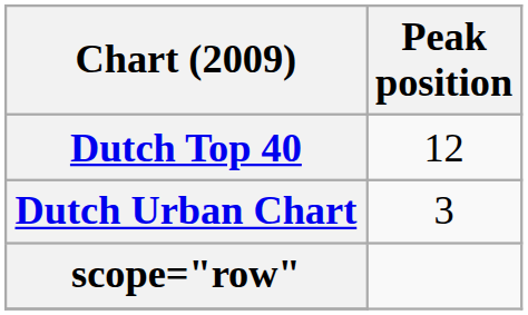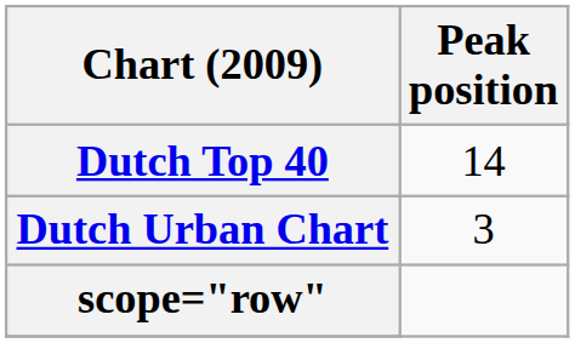 <table class="wikitable sortable plainrowheaders">
 <tr>
 <th scope="col">Chart (2009)</th>
 <th scope="col">Peak<br>position</th>
 </tr>
 <tr>
 <th scope="row"><a href='#'>Dutch Top 40</a></th>
-<td align="center">12</td>
+<td align="center">14</td>
 </tr>
 <tr>
 <th scope="row"><a href='#'>Dutch Urban Chart</a></th>
 <td align="center">3</td>
 </tr>
 <tr>
 <th>scope="row"</th>
 </tr>
 <tr>
 </tr>
 </table>
